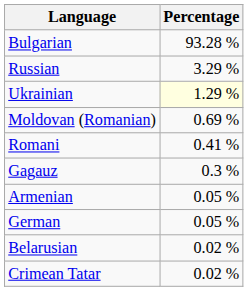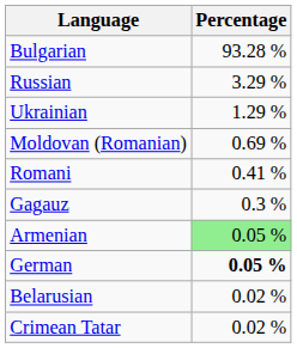 <table class="wikitable">
 <tr>
 <th>Language</th>
 <th>Percentage</th>
 </tr>
 <tr>
 <td><a href='#'>Bulgarian</a></td>
 <td align="right">93.28 %</td>
 </tr>
 <tr>
 <td><a href='#'>Russian</a></td>
 <td align="right">3.29 %</td>
 </tr>
 <tr>
 <td><a href='#'>Ukrainian</a></td>
-<td align="right" style="background: lightyellow;">1.29 %</td>
+<td align="right">1.29 %</td>
 </tr>
 <tr>
 <td><a href='#'>Moldovan</a> (<a href='#'>Romanian</a>)</td>
 <td align="right">0.69 %</td>
 </tr>
 <tr>
 <td><a href='#'>Romani</a></td>
 <td align="right">0.41 %</td>
 </tr>
 <tr>
 <td><a href='#'>Gagauz</a></td>
 <td align="right">0.3 %</td>
 </tr>
 <tr>
 <td><a href='#'>Armenian</a></td>
-<td align="right">0.05 %</td>
+<td align="right" style="background: lightgreen;">0.05 %</td>
 </tr>
 <tr>
 <td><a href='#'>German</a></td>
-<td align="right">0.05 %</td>
+<td align="right"><strong>0.05 %</strong></td>
 </tr>
 <tr>
 <td><a href='#'>Belarusian</a></td>
 <td align="right">0.02 %</td>
 </tr>
 <tr>
 <td><a href='#'>Crimean Tatar</a></td>
 <td align="right">0.02 %</td>
 </tr>
 </table>
